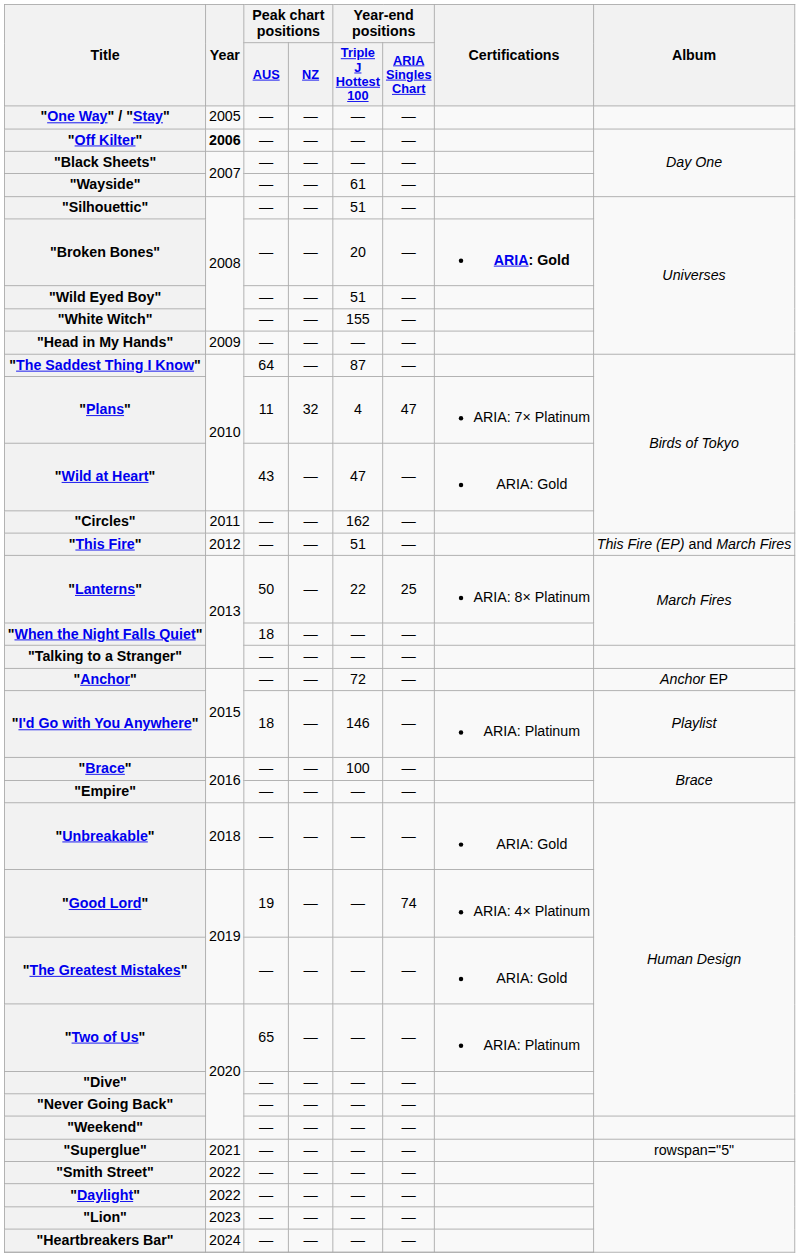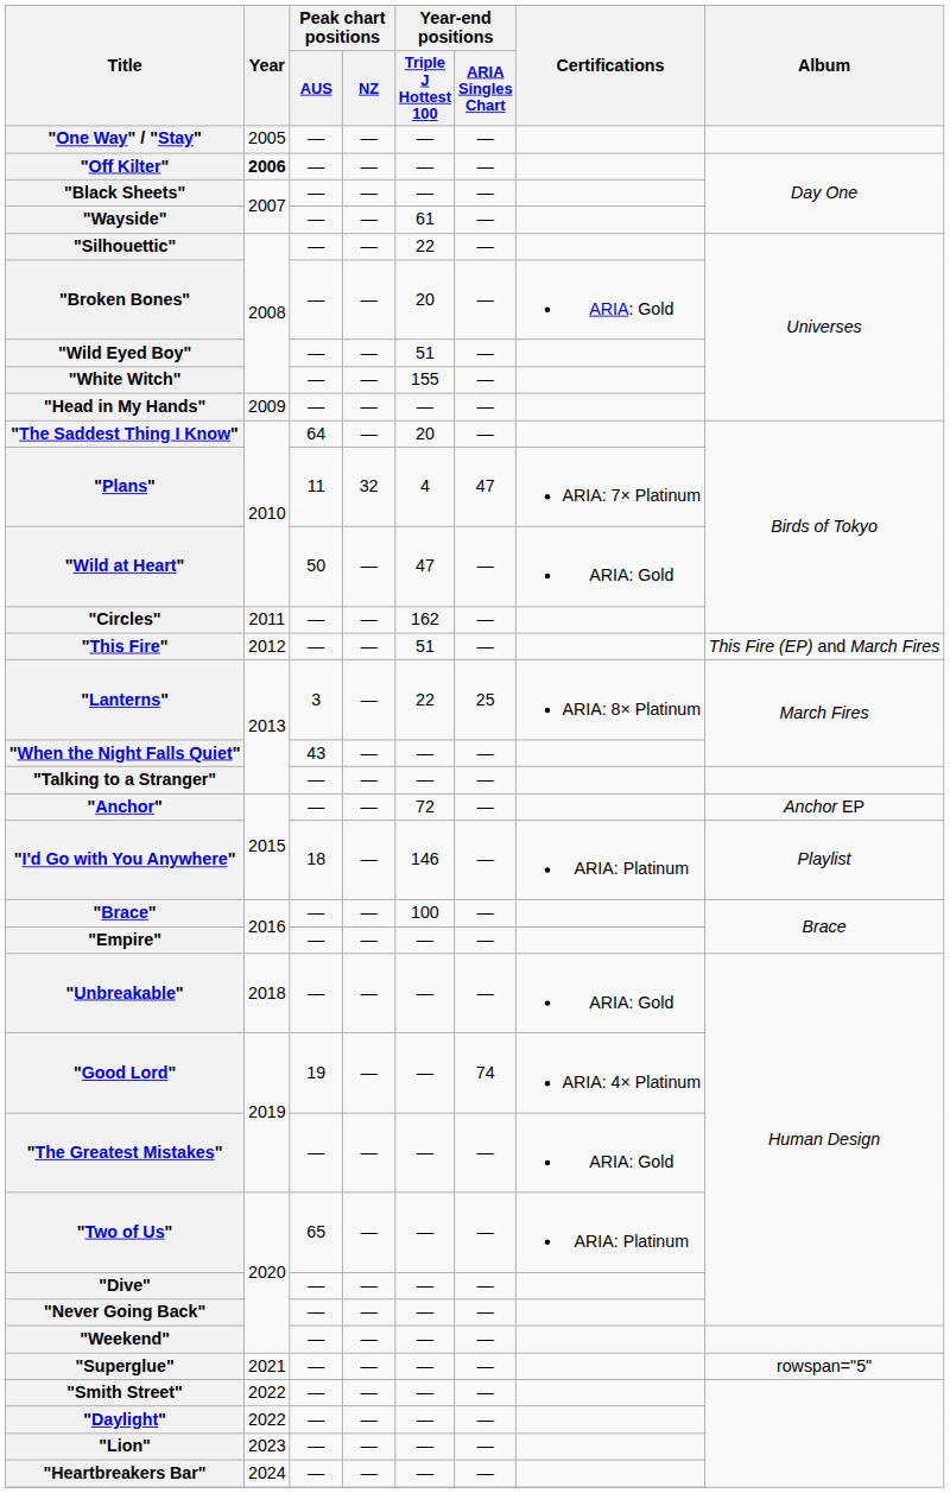 <table class="wikitable plainrowheaders" style="text-align:center;">
 <tr>
 <th scope="col" rowspan="2">Title</th>
 <th scope="col" rowspan="2">Year</th>
 <th scope="col" colspan="2">Peak chart positions</th>
 <th scope="col" colspan="2">Year-end positions</th>
 <th scope="col" rowspan="2">Certifications</th>
 <th scope="col" rowspan="2">Album</th>
 </tr>
 <tr>
 <th scope="col" style="width:3em; font-size:90%;"><a href='#'>AUS</a><br></th>
 <th scope="col" style="width:3em; font-size:90%;"><a href='#'>NZ</a><br></th>
 <th scope="col" style="width:3em; font-size:90%;"><a href='#'>Triple J Hottest 100</a><br></th>
 <th scope="col" style="width:3em; font-size:90%;"><a href='#'>ARIA Singles Chart</a><br></th>
 </tr>
 <tr>
 <th scope="row">"<a href='#'>One Way</a>" / "<a href='#'>Stay</a>"</th>
 <td>2005</td>
 <td>—</td>
 <td>—</td>
 <td>—</td>
 <td>—</td>
 <td></td>
 <td></td>
 </tr>
 <tr>
 <th scope="row">"<a href='#'>Off Kilter</a>"</th>
 <td><strong>2006</strong></td>
 <td>—</td>
 <td>—</td>
 <td>—</td>
 <td>—</td>
 <td></td>
 <td rowspan="3"><em>Day One</em></td>
 </tr>
 <tr>
 <th scope="row">"Black Sheets"</th>
 <td rowspan="2">2007</td>
 <td>—</td>
 <td>—</td>
 <td>—</td>
 <td>—</td>
 <td></td>
 </tr>
 <tr>
 <th scope="row">"Wayside"</th>
 <td>—</td>
 <td>—</td>
 <td>61</td>
 <td>—</td>
 <td></td>
 </tr>
 <tr>
 <th scope="row">"Silhouettic"</th>
 <td rowspan="4">2008</td>
 <td>—</td>
 <td>—</td>
-<td>51</td>
+<td>22</td>
 <td>—</td>
 <td></td>
 <td rowspan="5"><em>Universes</em></td>
 </tr>
 <tr>
 <th scope="row">"Broken Bones"</th>
 <td>—</td>
 <td>—</td>
 <td>20</td>
 <td>—</td>
-<td><strong><br><ul><li><a href='#'>ARIA</a>: Gold</li></ul></strong></td>
+<td><br><ul><li><a href='#'>ARIA</a>: Gold</li></ul></td>
 </tr>
 <tr>
 <th scope="row">"Wild Eyed Boy"</th>
 <td>—</td>
 <td>—</td>
 <td>51</td>
 <td>—</td>
 <td></td>
 </tr>
 <tr>
 <th scope="row">"White Witch"</th>
 <td>—</td>
 <td>—</td>
 <td>155</td>
 <td>—</td>
 <td></td>
 </tr>
 <tr>
 <th scope="row">"Head in My Hands"</th>
 <td>2009</td>
 <td>—</td>
 <td>—</td>
 <td>—</td>
 <td>—</td>
 <td></td>
 </tr>
 <tr>
 <th scope="row">"<a href='#'>The Saddest Thing I Know</a>"</th>
 <td rowspan="3">2010</td>
 <td>64</td>
 <td>—</td>
-<td>87</td>
+<td>20</td>
 <td>—</td>
 <td></td>
 <td rowspan="4"><em>Birds of Tokyo</em></td>
 </tr>
 <tr>
 <th scope="row">"<a href='#'>Plans</a>"</th>
 <td>11</td>
 <td>32</td>
 <td>4</td>
 <td>47</td>
 <td><br><ul><li>ARIA: 7× Platinum</li></ul></td>
 </tr>
 <tr>
 <th scope="row">"<a href='#'>Wild at Heart</a>"</th>
-<td>43</td>
+<td>50</td>
 <td>—</td>
 <td>47</td>
 <td>—</td>
 <td><br><ul><li>ARIA: Gold</li></ul></td>
 </tr>
 <tr>
 <th scope="row">"Circles"</th>
 <td>2011</td>
 <td>—</td>
 <td>—</td>
 <td>162</td>
 <td>—</td>
 <td></td>
 </tr>
 <tr>
 <th scope="row">"<a href='#'>This Fire</a>"</th>
 <td>2012</td>
 <td>—</td>
 <td>—</td>
 <td>51</td>
 <td>—</td>
 <td></td>
 <td><em>This Fire (EP)</em> and <em>March Fires</em></td>
 </tr>
 <tr>
 <th scope="row">"<a href='#'>Lanterns</a>"</th>
 <td rowspan="3">2013</td>
-<td>50</td>
+<td>3</td>
 <td>—</td>
 <td>22</td>
 <td>25</td>
 <td><br><ul><li>ARIA: 8× Platinum</li></ul></td>
 <td rowspan="2"><em>March Fires</em></td>
 </tr>
 <tr>
 <th scope="row">"<a href='#'>When the Night Falls Quiet</a>"</th>
-<td>18</td>
+<td>43</td>
 <td>—</td>
 <td>—</td>
 <td>—</td>
 <td></td>
 </tr>
 <tr>
 <th scope="row">"Talking to a Stranger"</th>
 <td>—</td>
 <td>—</td>
 <td>—</td>
 <td>—</td>
 <td></td>
 <td></td>
 </tr>
 <tr>
 <th scope="row">"<a href='#'>Anchor</a>"</th>
 <td rowspan="2">2015</td>
 <td>—</td>
 <td>—</td>
 <td>72</td>
 <td>—</td>
 <td></td>
 <td><em>Anchor</em> EP</td>
 </tr>
 <tr>
 <th scope="row">"<a href='#'>I'd Go with You Anywhere</a>"</th>
 <td>18</td>
 <td>—</td>
 <td>146</td>
 <td>—</td>
 <td><br><ul><li>ARIA: Platinum</li></ul></td>
 <td><em>Playlist</em></td>
 </tr>
 <tr>
 <th scope="row">"<a href='#'>Brace</a>"</th>
 <td rowspan="2">2016</td>
 <td>—</td>
 <td>—</td>
 <td>100</td>
 <td>—</td>
 <td></td>
 <td rowspan="2"><em>Brace</em></td>
 </tr>
 <tr>
 <th scope="row">"Empire"</th>
 <td>—</td>
 <td>—</td>
 <td>—</td>
 <td>—</td>
 <td></td>
 </tr>
 <tr>
 <th scope="row">"<a href='#'>Unbreakable</a>"</th>
 <td>2018</td>
 <td>—</td>
 <td style="text-align:center;">—</td>
 <td>—</td>
 <td>—</td>
 <td><br><ul><li>ARIA: Gold</li></ul></td>
 <td rowspan="6"><em>Human Design</em></td>
 </tr>
 <tr>
 <th scope="row">"<a href='#'>Good Lord</a>"</th>
 <td rowspan="2">2019</td>
 <td>19</td>
 <td>—</td>
 <td>—</td>
 <td>74</td>
 <td><br><ul><li>ARIA: 4× Platinum</li></ul></td>
 </tr>
 <tr>
 <th scope="row">"<a href='#'>The Greatest Mistakes</a>"</th>
 <td>—</td>
 <td>—</td>
 <td>—</td>
 <td>—</td>
 <td><br><ul><li>ARIA: Gold</li></ul></td>
 </tr>
 <tr>
 <th scope="row">"<a href='#'>Two of Us</a>"</th>
 <td rowspan="4">2020</td>
 <td>65</td>
 <td>—</td>
 <td>—</td>
 <td>—</td>
 <td><br><ul><li>ARIA: Platinum</li></ul></td>
 </tr>
 <tr>
 <th scope="row">"Dive"</th>
 <td>—</td>
 <td>—</td>
 <td>—</td>
 <td>—</td>
 <td></td>
 </tr>
 <tr>
 <th scope="row">"Never Going Back"</th>
 <td>—</td>
 <td>—</td>
 <td>—</td>
 <td>—</td>
 <td></td>
 </tr>
 <tr>
 <th scope="row">"Weekend"</th>
 <td>—</td>
 <td>—</td>
 <td>—</td>
 <td>—</td>
 <td></td>
 <td></td>
 </tr>
 <tr>
 <th scope="row">"Superglue" <br></th>
 <td>2021</td>
 <td>—</td>
 <td>—</td>
 <td>—</td>
 <td>—</td>
 <td></td>
 <td>rowspan="5" </td>
 </tr>
 <tr>
 <th scope="row">"Smith Street"</th>
 <td>2022</td>
 <td>—</td>
 <td>—</td>
 <td>—</td>
 <td>—</td>
 <td></td>
 </tr>
 <tr>
 <th scope="row">"<a href='#'>Daylight</a>"</th>
 <td>2022</td>
 <td>—</td>
 <td>—</td>
 <td>—</td>
 <td>—</td>
 <td></td>
 </tr>
 <tr>
 <th scope="row">"Lion"</th>
 <td>2023</td>
 <td>—</td>
 <td>—</td>
 <td>—</td>
 <td>—</td>
 <td></td>
 </tr>
 <tr>
 <th scope="row">"Heartbreakers Bar"</th>
 <td>2024</td>
 <td>—</td>
 <td>—</td>
 <td>—</td>
 <td>—</td>
 <td></td>
 </tr>
 <tr>
 </tr>
 </table>
